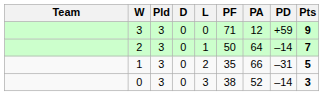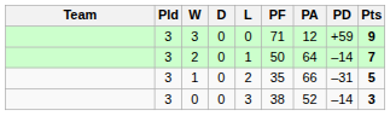 <table class="wikitable" style="text-align:center;">
 <tr>
 <th width=175>Team</th>
+<th width=25 abbr="Played">Pld</th>
 <th width=25 abbr="Won">W</th>
-<th width=25 abbr="Played">Pld</th>
 <th width=25 abbr="Drawn">D</th>
 <th width=25 abbr="Lost">L</th>
 <th width=32 abbr="Points for">PF</th>
 <th width=32 abbr="Points against">PA</th>
 <th width=32 abbr="Points difference">PD</th>
 <th width=25 abbr="Points">Pts</th>
 </tr>
 <tr bgcolor=ccffcc>
 <td align=left></td>
 <td>3</td>
 <td>3</td>
 <td>0</td>
 <td>0</td>
 <td>71</td>
 <td>12</td>
 <td>+59</td>
 <td><strong>9</strong></td>
 </tr>
 <tr bgcolor=ccffcc>
 <td align=left></td>
+<td>3</td>
 <td>2</td>
-<td>3</td>
 <td>0</td>
 <td>1</td>
 <td>50</td>
 <td>64</td>
 <td>–14</td>
 <td><strong>7</strong></td>
 </tr>
 <tr>
 <td align=left></td>
+<td>3</td>
 <td>1</td>
-<td>3</td>
 <td>0</td>
 <td>2</td>
 <td>35</td>
 <td>66</td>
 <td>–31</td>
 <td><strong>5</strong></td>
 </tr>
 <tr>
 <td align=left></td>
+<td>3</td>
 <td>0</td>
-<td>3</td>
 <td>0</td>
 <td>3</td>
 <td>38</td>
 <td>52</td>
 <td>–14</td>
 <td><strong>3</strong></td>
 </tr>
 </table>
